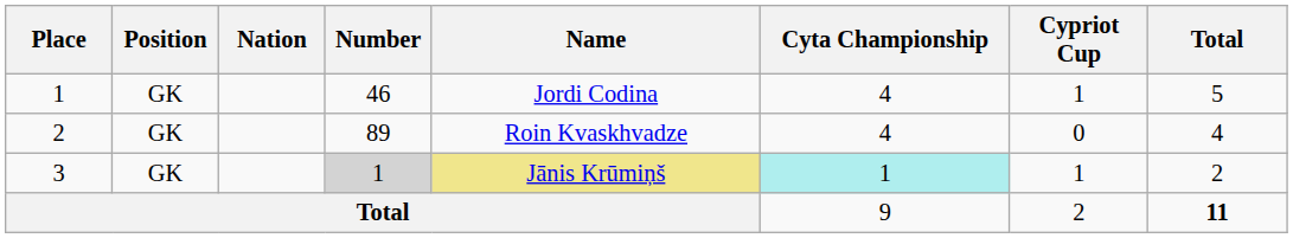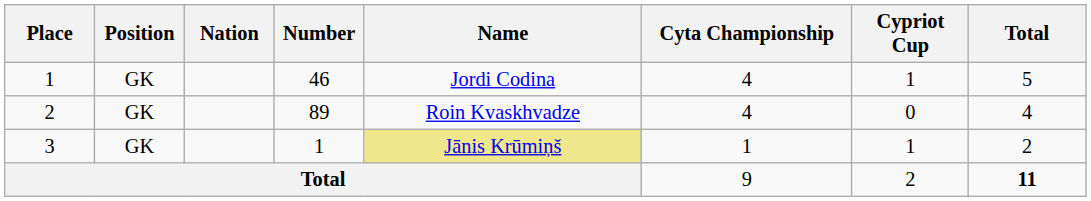 <table class="wikitable" style="font-size: 95%; text-align: center;">
 <tr>
 <th width=60>Place</th>
 <th width=60>Position</th>
 <th width=60>Nation</th>
 <th width=60>Number</th>
 <th width=200>Name</th>
 <th width=150>Cyta Championship</th>
 <th width=80>Cypriot Cup</th>
 <th width=80><strong>Total</strong></th>
 </tr>
 <tr>
 <td>1</td>
 <td>GK</td>
 <td></td>
 <td>46</td>
 <td><a href='#'>Jordi Codina</a></td>
 <td>4</td>
 <td>1</td>
 <td>5</td>
 </tr>
 <tr>
 <td>2</td>
 <td>GK</td>
 <td></td>
 <td>89</td>
 <td><a href='#'>Roin Kvaskhvadze</a></td>
 <td>4</td>
 <td>0</td>
 <td>4</td>
 </tr>
 <tr>
 <td>3</td>
 <td>GK</td>
 <td></td>
-<td style="background: lightgrey;">1</td>
+<td>1</td>
 <td style="background: khaki;"><a href='#'>Jānis Krūmiņš</a></td>
-<td style="background: paleturquoise;">1</td>
+<td>1</td>
 <td>1</td>
 <td>2</td>
 </tr>
 <tr>
 <th colspan="5">Total</th>
 <td>9</td>
 <td>2</td>
 <td><strong>11</strong></td>
 </tr>
 </table>
